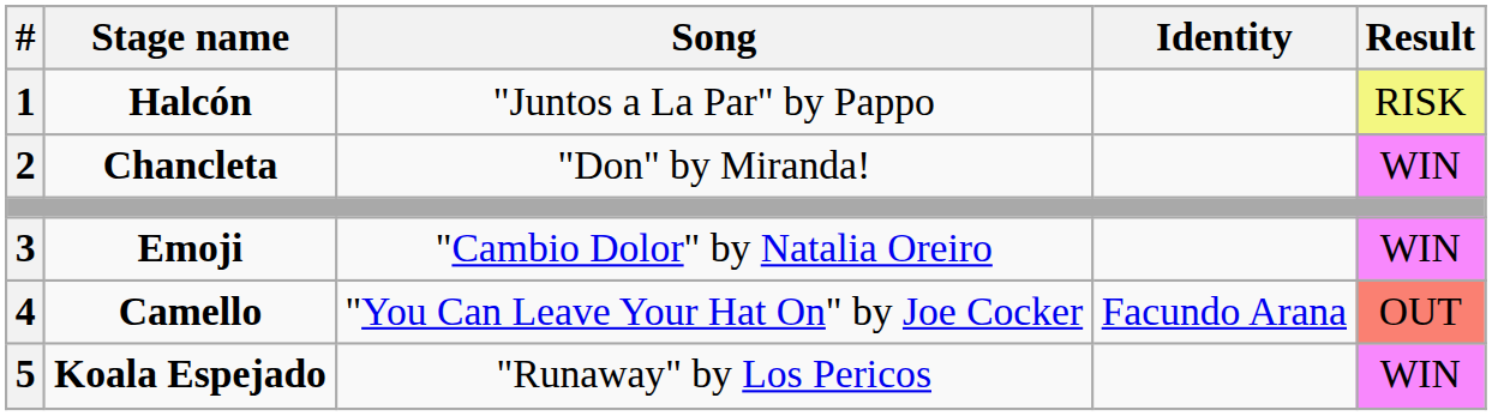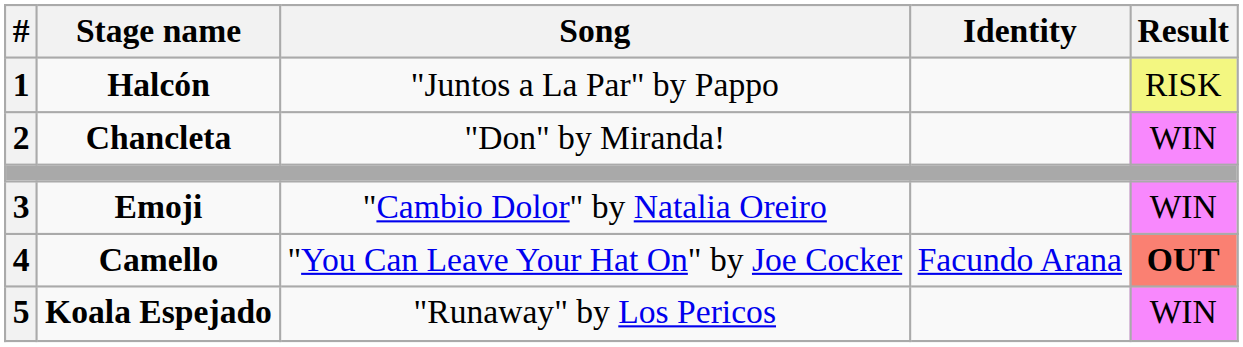 <table class="wikitable plainrowheaders" style="text-align: center;">
 <tr>
 <th>#</th>
 <th>Stage name</th>
 <th>Song</th>
 <th>Identity</th>
 <th>Result</th>
 </tr>
 <tr>
 <th><strong>1</strong></th>
 <td><strong>Halcón</strong></td>
 <td>"Juntos a La Par" by Pappo</td>
 <td></td>
 <td bgcolor="#F3F781">RISK</td>
 </tr>
 <tr>
 <th><strong>2</strong></th>
 <td><strong>Chancleta</strong></td>
 <td>"Don" by Miranda!</td>
 <td></td>
 <td bgcolor=#F888FD>WIN</td>
 </tr>
 <tr>
 <td colspan="5" style="background:darkgray"></td>
 </tr>
 <tr>
 <th><strong>3</strong></th>
 <td><strong>Emoji</strong></td>
 <td>"<a href='#'>Cambio Dolor</a>" by <a href='#'>Natalia Oreiro</a></td>
 <td></td>
 <td bgcolor=#F888FD>WIN</td>
 </tr>
 <tr>
 <th><strong>4</strong></th>
 <td><strong>Camello</strong></td>
 <td>"<a href='#'>You Can Leave Your Hat On</a>" by <a href='#'>Joe Cocker</a></td>
 <td><a href='#'>Facundo Arana</a></td>
-<td bgcolor=salmon>OUT</td>
+<td bgcolor=salmon><strong>OUT</strong></td>
 </tr>
 <tr>
 <th><strong>5</strong></th>
 <td><strong>Koala Espejado</strong></td>
 <td>"Runaway" by <a href='#'>Los Pericos</a></td>
 <td></td>
 <td bgcolor=#F888FD>WIN</td>
 </tr>
 </table>
